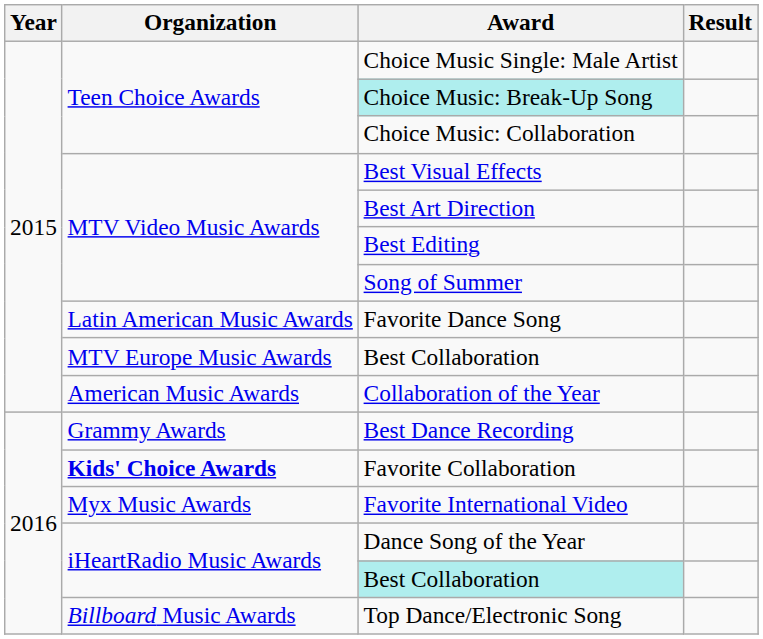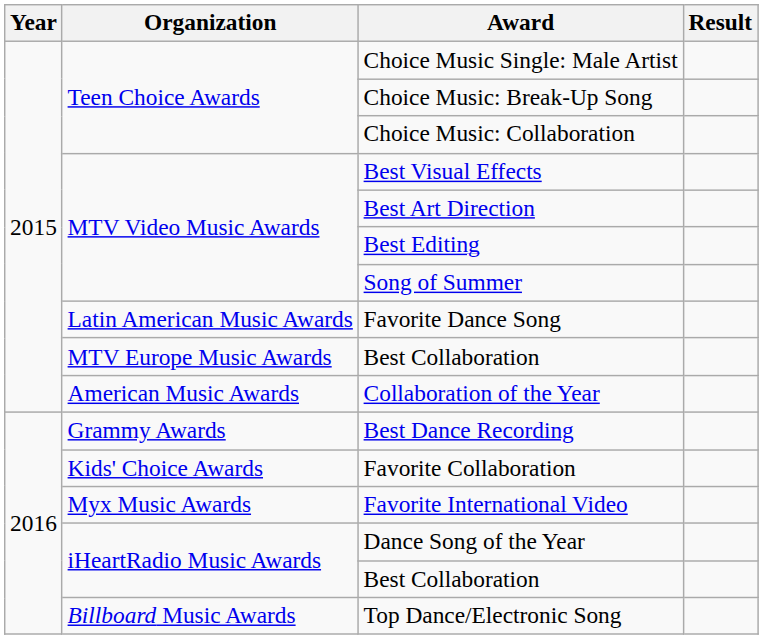 <table class="wikitable" border="1">
 <tr>
 <th>Year</th>
 <th>Organization</th>
 <th>Award</th>
 <th>Result</th>
 </tr>
 <tr>
 <td rowspan="10">2015</td>
 <td rowspan="3"><a href='#'>Teen Choice Awards</a></td>
 <td>Choice Music Single: Male Artist</td>
 <td></td>
 </tr>
 <tr>
-<td style="background: paleturquoise;">Choice Music: Break-Up Song</td>
+<td>Choice Music: Break-Up Song</td>
 <td></td>
 </tr>
 <tr>
 <td>Choice Music: Collaboration</td>
 <td></td>
 </tr>
 <tr>
 <td rowspan="4"><a href='#'>MTV Video Music Awards</a></td>
 <td><a href='#'>Best Visual Effects</a></td>
 <td></td>
 </tr>
 <tr>
 <td><a href='#'>Best Art Direction</a></td>
 <td></td>
 </tr>
 <tr>
 <td><a href='#'>Best Editing</a></td>
 <td></td>
 </tr>
 <tr>
 <td><a href='#'>Song of Summer</a></td>
 <td></td>
 </tr>
 <tr>
 <td><a href='#'>Latin American Music Awards</a></td>
 <td>Favorite Dance Song</td>
 <td></td>
 </tr>
 <tr>
 <td><a href='#'>MTV Europe Music Awards</a></td>
 <td>Best Collaboration</td>
 <td></td>
 </tr>
 <tr>
 <td><a href='#'>American Music Awards</a></td>
 <td><a href='#'>Collaboration of the Year</a></td>
 <td></td>
 </tr>
 <tr>
 <td rowspan="6">2016</td>
 <td><a href='#'>Grammy Awards</a></td>
 <td><a href='#'>Best Dance Recording</a></td>
 <td></td>
 </tr>
 <tr>
-<td><strong><a href='#'>Kids' Choice Awards</a></strong></td>
+<td><a href='#'>Kids' Choice Awards</a></td>
 <td>Favorite Collaboration</td>
 <td></td>
 </tr>
 <tr>
 <td><a href='#'>Myx Music Awards</a></td>
 <td><a href='#'>Favorite International Video</a></td>
 <td></td>
 </tr>
 <tr>
 <td rowspan="2"><a href='#'>iHeartRadio Music Awards</a></td>
 <td>Dance Song of the Year</td>
 <td></td>
 </tr>
 <tr>
-<td style="background: paleturquoise;">Best Collaboration</td>
+<td>Best Collaboration</td>
 <td></td>
 </tr>
 <tr>
 <td><a href='#'><em>Billboard</em> Music Awards</a></td>
 <td>Top Dance/Electronic Song</td>
 <td></td>
 </tr>
 </table>
